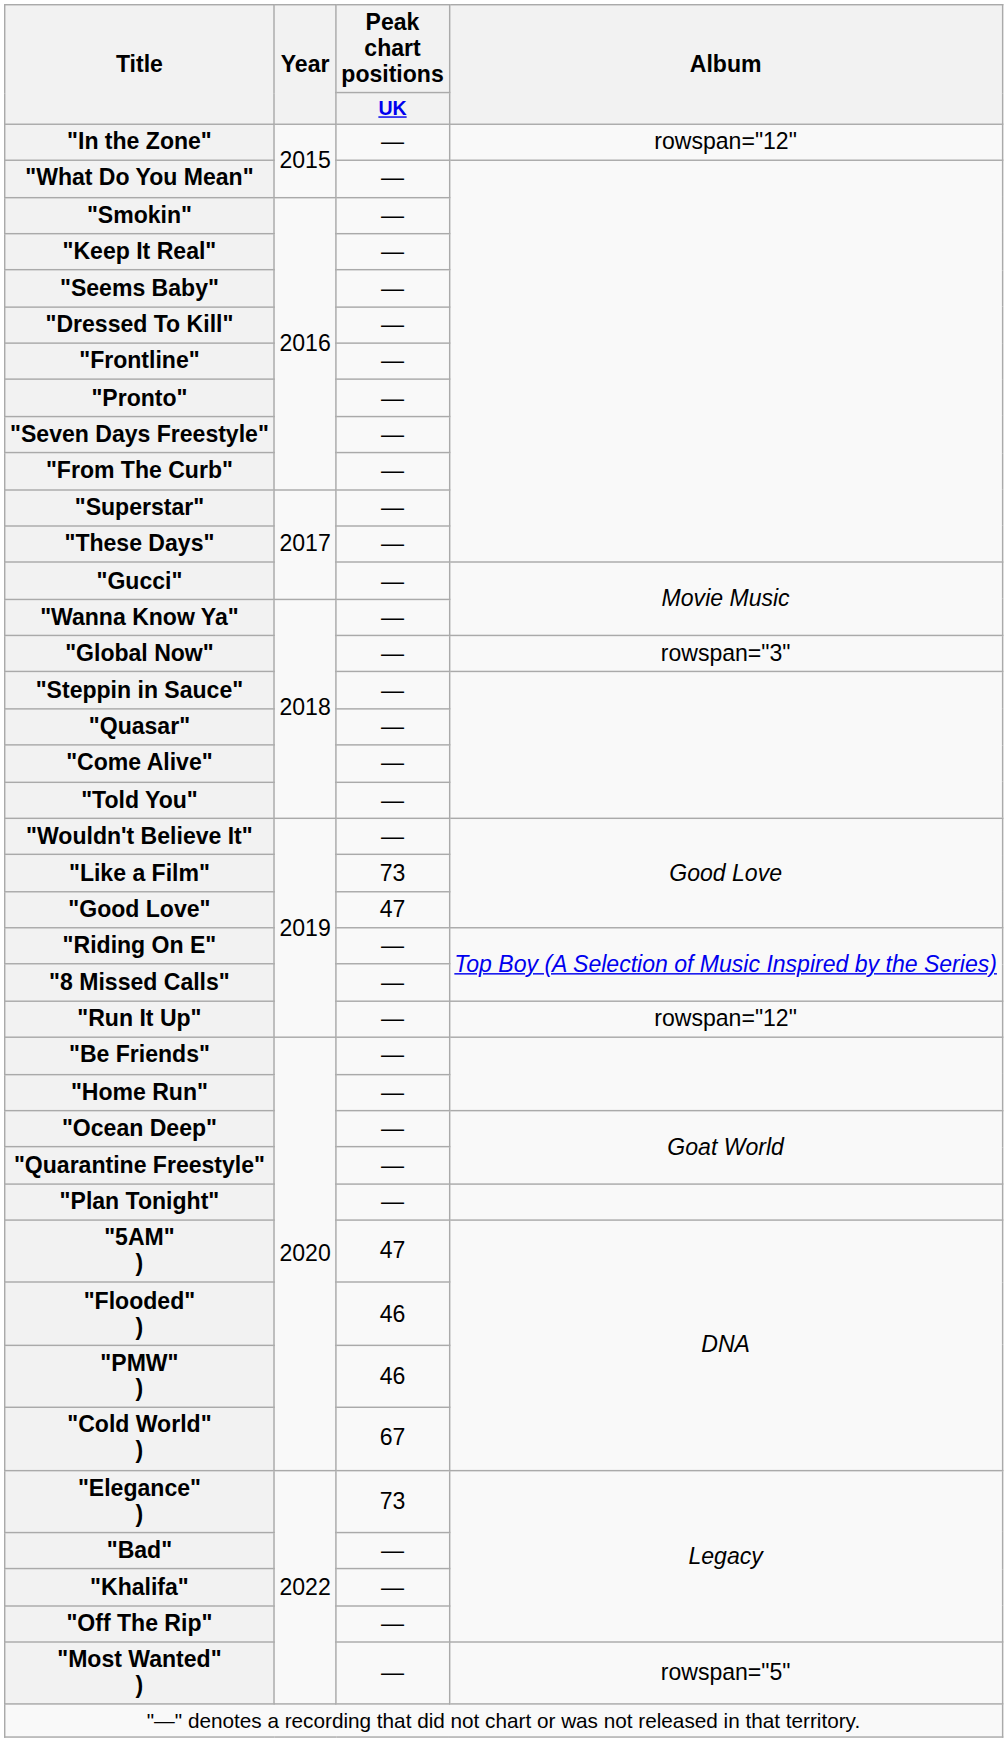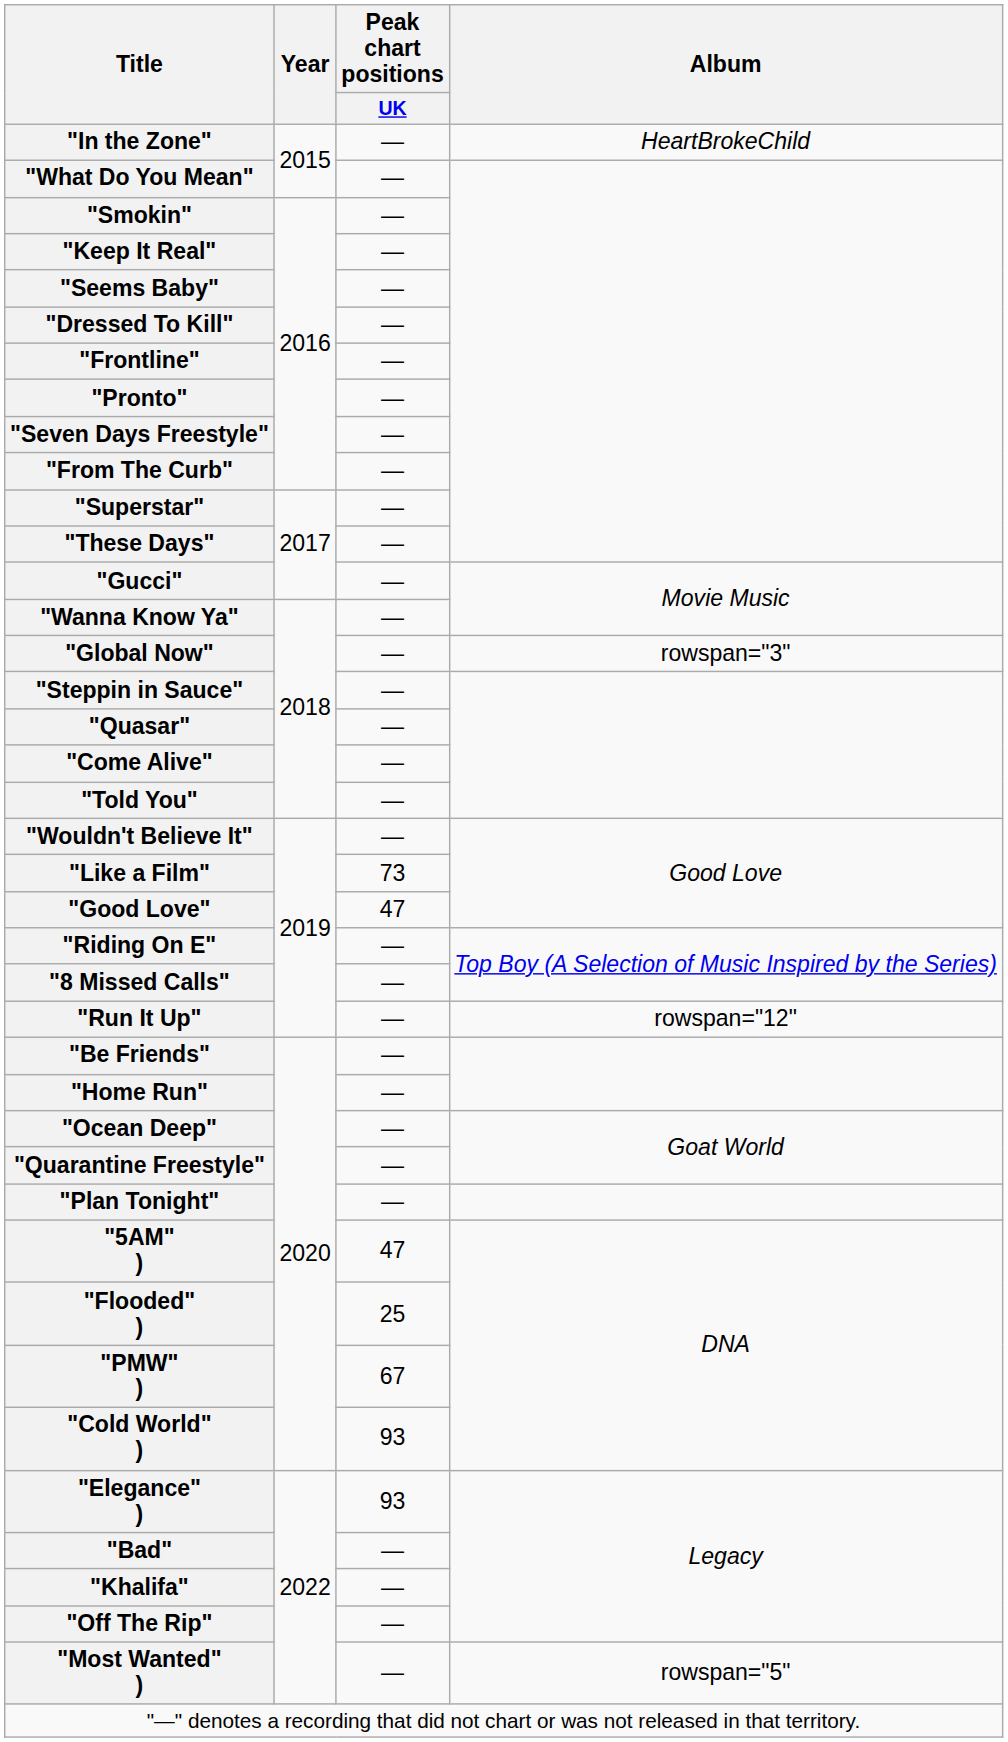 <table class="wikitable plainrowheaders" style="text-align:center;">
 <tr>
 <th scope="col" rowspan="2">Title</th>
 <th scope="col" rowspan="2">Year</th>
 <th scope="col" colspan="1">Peak chart positions</th>
 <th scope="col" rowspan="2">Album</th>
 </tr>
 <tr>
 <th scope="col" style="width:3em;font-size:85%;"><a href='#'>UK</a><br></th>
 </tr>
 <tr>
 <th scope="row">"In the Zone"</th>
 <td rowspan="2">2015</td>
 <td>—</td>
-<td>rowspan="12" </td>
+<td><em>HeartBrokeChild</em></td>
 </tr>
 <tr>
 <th scope="row">"What Do You Mean"</th>
 <td>—</td>
 </tr>
 <tr>
 <th scope="row">"Smokin"<br></th>
 <td rowspan="8">2016</td>
 <td>—</td>
 </tr>
 <tr>
 <th scope="row">"Keep It Real"<br></th>
 <td>—</td>
 </tr>
 <tr>
 <th scope="row">"Seems Baby"</th>
 <td>—</td>
 </tr>
 <tr>
 <th scope="row">"Dressed To Kill"</th>
 <td>—</td>
 </tr>
 <tr>
 <th scope="row">"Frontline"<br></th>
 <td>—</td>
 </tr>
 <tr>
 <th scope="row">"Pronto"</th>
 <td>—</td>
 </tr>
 <tr>
 <th scope="row">"Seven Days Freestyle"</th>
 <td>—</td>
 </tr>
 <tr>
 <th scope="row">"From The Curb"<br></th>
 <td>—</td>
 </tr>
 <tr>
 <th scope="row">"Superstar"<br></th>
 <td rowspan="3">2017</td>
 <td>—</td>
 </tr>
 <tr>
 <th scope="row">"These Days"</th>
 <td>—</td>
 </tr>
 <tr>
 <th scope="row">"Gucci"</th>
 <td>—</td>
 <td rowspan="2"><em>Movie Music</em></td>
 </tr>
 <tr>
 <th scope="row">"Wanna Know Ya"</th>
 <td rowspan="6">2018</td>
 <td>—</td>
 </tr>
 <tr>
 <th scope="row">"Global Now"</th>
 <td>—</td>
 <td>rowspan="3" </td>
 </tr>
 <tr>
 <th scope="row">"Steppin in Sauce"</th>
 <td>—</td>
 </tr>
 <tr>
 <th scope="row">"Quasar"</th>
 <td>—</td>
 </tr>
 <tr>
 <th scope="row">"Come Alive"</th>
 <td>—</td>
 </tr>
 <tr>
 <th scope="row">"Told You"</th>
 <td>—</td>
 </tr>
 <tr>
 <th scope="row">"Wouldn't Believe It"</th>
 <td rowspan="6">2019</td>
 <td>—</td>
 <td rowspan="3"><em>Good Love</em></td>
 </tr>
 <tr>
 <th scope="row">"Like a Film"<br></th>
 <td>73</td>
 </tr>
 <tr>
 <th scope="row">"Good Love"<br></th>
 <td>47</td>
 </tr>
 <tr>
 <th scope="row">"Riding On E"</th>
 <td>—</td>
 <td rowspan="2"><em><a href='#'>Top Boy (A Selection of Music Inspired by the Series)</a></em></td>
 </tr>
 <tr>
 <th scope="row">"8 Missed Calls"</th>
 <td>—</td>
 </tr>
 <tr>
 <th scope="row">"Run It Up"</th>
 <td>—</td>
 <td>rowspan="12" </td>
 </tr>
 <tr>
 <th scope="row">"Be Friends"</th>
 <td rowspan="9">2020</td>
 <td>—</td>
 </tr>
 <tr>
 <th scope="row">"Home Run"</th>
 <td>—</td>
 </tr>
 <tr>
 <th scope="row">"Ocean Deep"<br></th>
 <td>—</td>
 <td rowspan="2"><em>Goat World</em></td>
 </tr>
 <tr>
 <th scope="row">"Quarantine Freestyle"</th>
 <td>—</td>
 </tr>
 <tr>
 <th scope="row">"Plan Tonight"<br></th>
 <td>—</td>
 <td></td>
 </tr>
 <tr>
 <th scope="row">"5AM"<br>)</th>
 <td>47</td>
 <td rowspan="4"><em>DNA</em></td>
 </tr>
 <tr>
 <th scope="row">"Flooded"<br>)</th>
-<td>46</td>
+<td>25</td>
 </tr>
 <tr>
 <th scope="row">"PMW"<br>)</th>
-<td>46</td>
+<td>67</td>
 </tr>
 <tr>
 <th scope="row">"Cold World"<br>)</th>
-<td>67</td>
+<td>93</td>
 </tr>
 <tr>
 <th scope="row">"Elegance"<br>)</th>
 <td rowspan="5">2022</td>
-<td>73</td>
+<td>93</td>
 <td rowspan="4"><em>Legacy</em></td>
 </tr>
 <tr>
 <th scope="row">"Bad"</th>
 <td>—</td>
 </tr>
 <tr>
 <th scope="row">"Khalifa"</th>
 <td>—</td>
 </tr>
 <tr>
 <th scope="Row">"Off The Rip"</th>
 <td>—</td>
 </tr>
 <tr>
 <th scope="row">"Most Wanted"<br>)</th>
 <td>—</td>
 <td>rowspan="5" </td>
 </tr>
 <tr>
 <td colspan="4" style="font-size:90%">"—" denotes a recording that did not chart or was not released in that territory.</td>
 </tr>
 </table>
